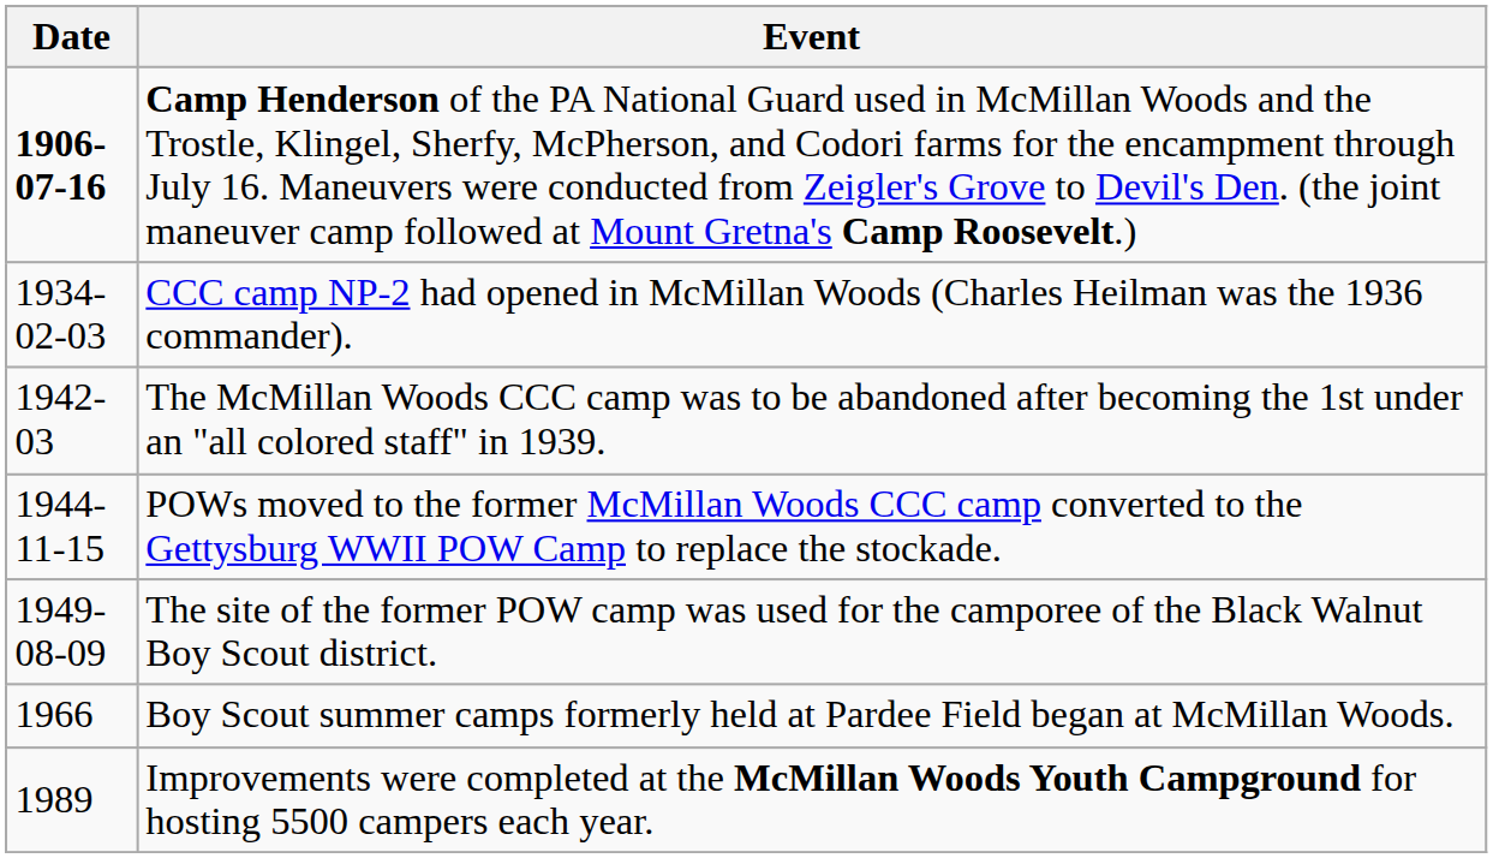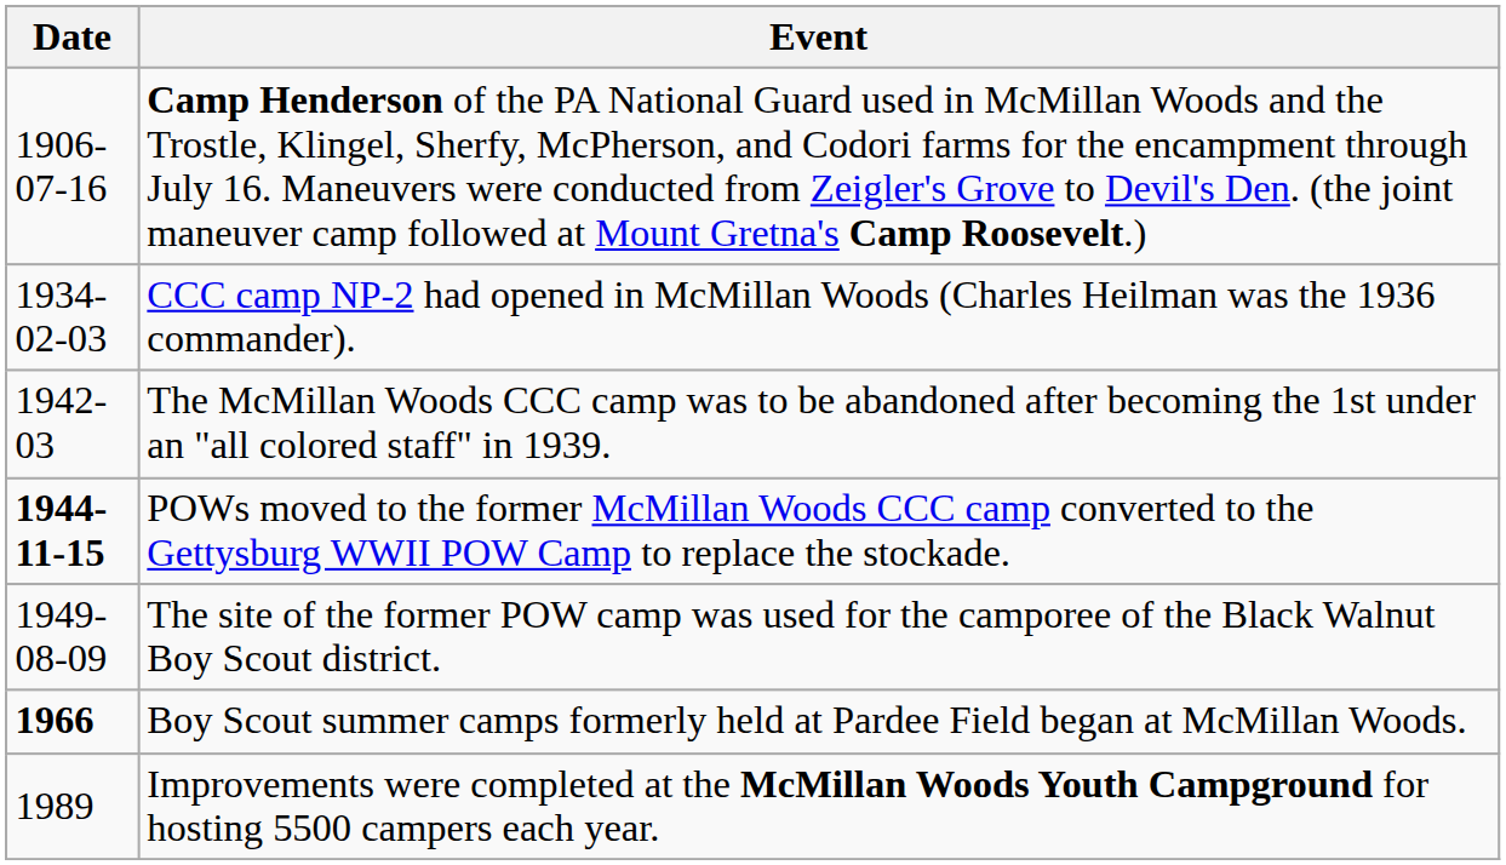 <table class="wikitable sortable">
 <tr>
 <th>Date</th>
 <th>Event</th>
 </tr>
 <tr>
-<td><strong>1906-07-16</strong></td>
+<td>1906-07-16</td>
 <td><strong>Camp Henderson</strong> of the PA National Guard used  in McMillan Woods and the Trostle, Klingel, Sherfy, McPherson, and Codori farms for the encampment through July 16.  Maneuvers were conducted from <a href='#'>Zeigler's Grove</a> to <a href='#'>Devil's Den</a>. (the joint maneuver camp followed at <a href='#'>Mount Gretna's</a> <strong>Camp Roosevelt</strong>.)</td>
 </tr>
 <tr>
 <td>1934-02-03</td>
 <td><a href='#'>CCC camp NP-2</a> had opened in McMillan Woods (Charles Heilman was the 1936 commander).</td>
 </tr>
 <tr>
 <td>1942-03</td>
 <td>The McMillan Woods CCC camp was to be abandoned after becoming the 1st under an "all colored staff" in 1939.</td>
 </tr>
 <tr>
-<td>1944-11-15</td>
+<td><strong>1944-11-15</strong></td>
 <td>POWs moved to the former <a href='#'>McMillan Woods CCC camp</a> converted to the <a href='#'>Gettysburg WWII POW Camp</a> to replace the stockade.</td>
 </tr>
 <tr>
 <td>1949-08-09</td>
 <td>The site of the former POW camp was used for the camporee of the Black Walnut Boy Scout district.</td>
 </tr>
 <tr>
-<td>1966</td>
+<td><strong>1966</strong></td>
 <td>Boy Scout summer camps formerly held at Pardee Field began at McMillan Woods.</td>
 </tr>
 <tr>
 <td>1989</td>
 <td>Improvements were completed at the <strong>McMillan Woods Youth Campground</strong> for hosting 5500 campers each year.</td>
 </tr>
 <tr>
 </tr>
 </table>
